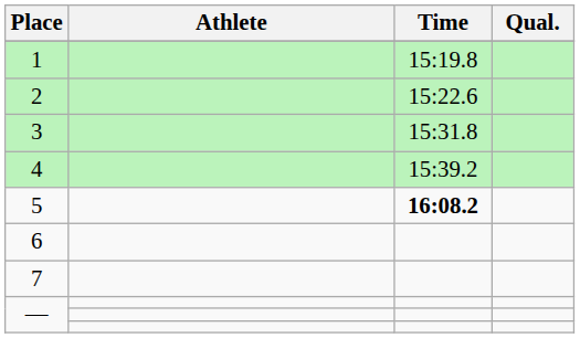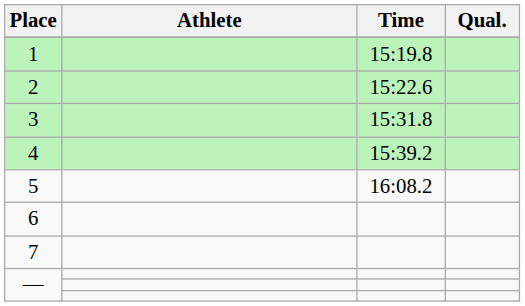 <table class=wikitable style="text-align:center">
 <tr>
 <th width=20>Place</th>
 <th width=220>Athlete</th>
 <th width=60>Time</th>
 <th width=50>Qual.</th>
 </tr>
 <tr>
 </tr>
 <tr bgcolor=bbf3bb>
 <td>1</td>
 <td align=left></td>
 <td>15:19.8</td>
 <td></td>
 </tr>
 <tr bgcolor=bbf3bb>
 <td>2</td>
 <td align=left></td>
 <td>15:22.6</td>
 <td></td>
 </tr>
 <tr bgcolor=bbf3bb>
 <td>3</td>
 <td align=left></td>
 <td>15:31.8</td>
 <td></td>
 </tr>
 <tr bgcolor=bbf3bb>
 <td>4</td>
 <td align=left></td>
 <td>15:39.2</td>
 <td></td>
 </tr>
 <tr>
 <td>5</td>
 <td align=left></td>
-<td><strong>16:08.2</strong></td>
+<td>16:08.2</td>
 <td></td>
 </tr>
 <tr>
 <td>6</td>
 <td align=left></td>
 <td></td>
 <td></td>
 </tr>
 <tr>
 <td>7</td>
 <td align=left></td>
 <td></td>
 <td></td>
 </tr>
 <tr>
 <td rowspan=3>—</td>
 <td align=left></td>
 <td></td>
 <td></td>
 </tr>
 <tr>
 <td align=left></td>
 <td></td>
 <td></td>
 </tr>
 <tr>
 <td align=left></td>
 <td></td>
 <td></td>
 </tr>
 </table>
